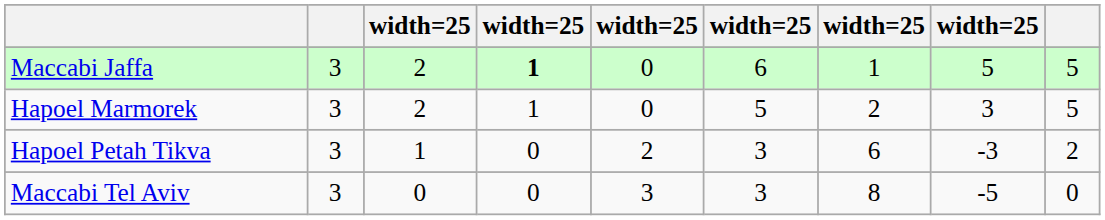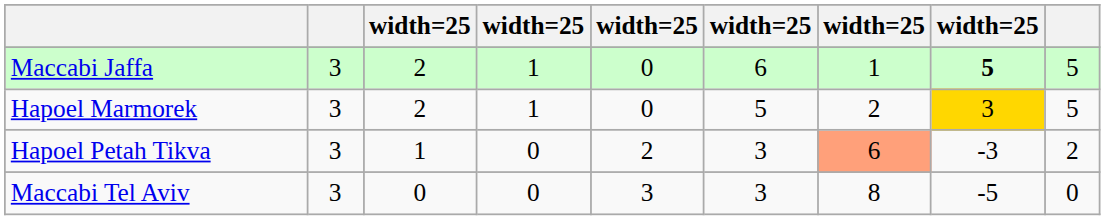 <table class="wikitable" style="text-align: center; font-size: 90%;">
 <tr>
 <th width=165></th>
 <th width=25></th>
 <th>width=25</th>
 <th>width=25</th>
 <th>width=25</th>
 <th>width=25</th>
 <th>width=25</th>
 <th>width=25</th>
 <th width=25></th>
 </tr>
 <tr bgcolor="#ccffcc">
 <td align="left"><a href='#'>Maccabi Jaffa</a></td>
 <td>3</td>
 <td>2</td>
-<td><strong>1</strong></td>
+<td>1</td>
 <td>0</td>
 <td>6</td>
 <td>1</td>
-<td>5</td>
+<td><strong>5</strong></td>
 <td>5</td>
 </tr>
 <tr>
 <td align="left"><a href='#'>Hapoel Marmorek</a></td>
 <td>3</td>
 <td>2</td>
 <td>1</td>
 <td>0</td>
 <td>5</td>
 <td>2</td>
-<td>3</td>
+<td style="background: gold;">3</td>
 <td>5</td>
 </tr>
 <tr>
 <td align="left"><a href='#'>Hapoel Petah Tikva</a></td>
 <td>3</td>
 <td>1</td>
 <td>0</td>
 <td>2</td>
 <td>3</td>
-<td>6</td>
+<td style="background: lightsalmon;">6</td>
 <td>-3</td>
 <td>2</td>
 </tr>
 <tr>
 <td align="left"><a href='#'>Maccabi Tel Aviv</a></td>
 <td>3</td>
 <td>0</td>
 <td>0</td>
 <td>3</td>
 <td>3</td>
 <td>8</td>
 <td>-5</td>
 <td>0</td>
 </tr>
 </table>
